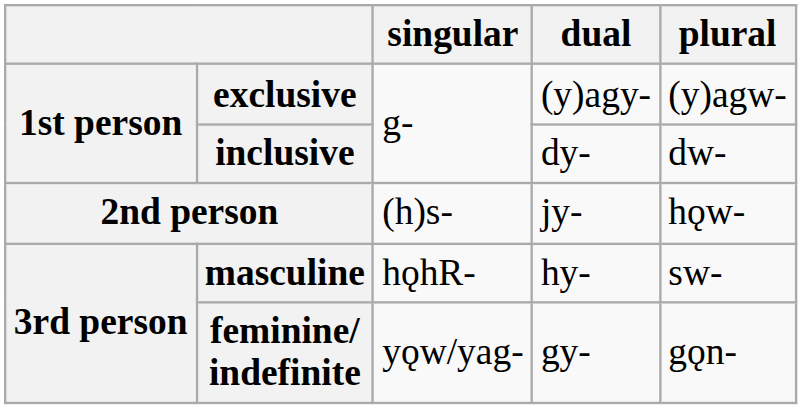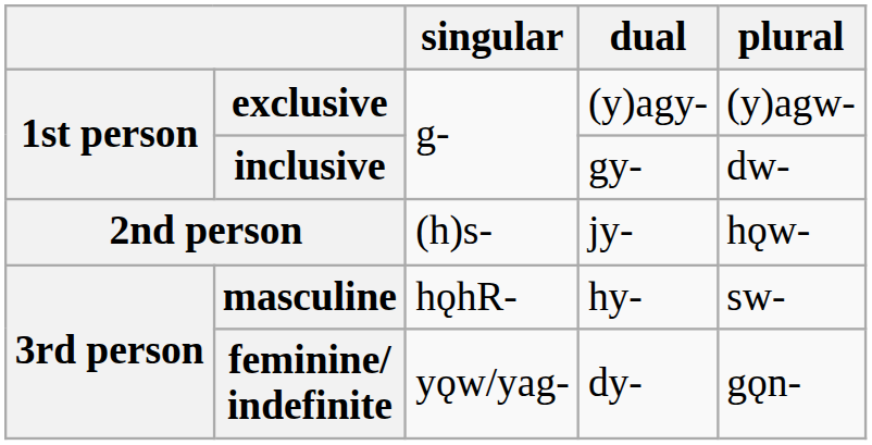 <table class="wikitable">
 <tr>
 <th colspan="2"></th>
 <th>singular</th>
 <th>dual</th>
 <th>plural</th>
 </tr>
 <tr>
 <th rowspan="2">1st person</th>
 <th>exclusive</th>
 <td rowspan="2">g-</td>
 <td>(y)agy-</td>
 <td>(y)agw-</td>
 </tr>
 <tr>
 <th>inclusive</th>
-<td>dy-</td>
+<td>gy-</td>
 <td>dw-</td>
 </tr>
 <tr>
 <th colspan="2">2nd person</th>
 <td>(h)s-</td>
 <td>jy-</td>
 <td>hǫw-</td>
 </tr>
 <tr>
 <th rowspan="2">3rd person</th>
 <th>masculine</th>
 <td>hǫhR-</td>
 <td>hy-</td>
 <td>sw-</td>
 </tr>
 <tr>
 <th>feminine/<br>indefinite</th>
 <td>yǫw/yag-</td>
-<td>gy-</td>
+<td>dy-</td>
 <td>gǫn-</td>
 </tr>
 </table>
